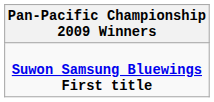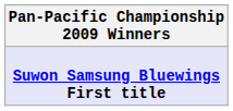 <table class="wikitable" style="text-align: center; margin: 0 auto;">
 <tr>
 <th>Pan-Pacific Championship<br>2009 Winners</th>
 </tr>
 <tr>
-<td><br><strong><a href='#'>Suwon Samsung Bluewings</a></strong><br><strong>First title</strong></td>
+<td style="background: lavender;"><br><strong><a href='#'>Suwon Samsung Bluewings</a></strong><br><strong>First title</strong></td>
 </tr>
 </table>
